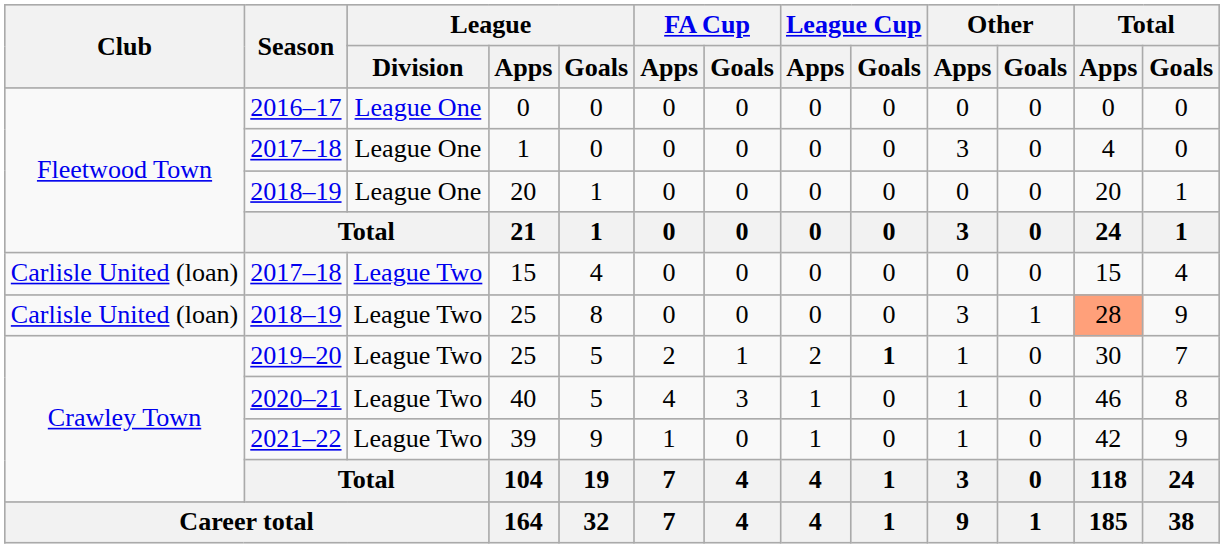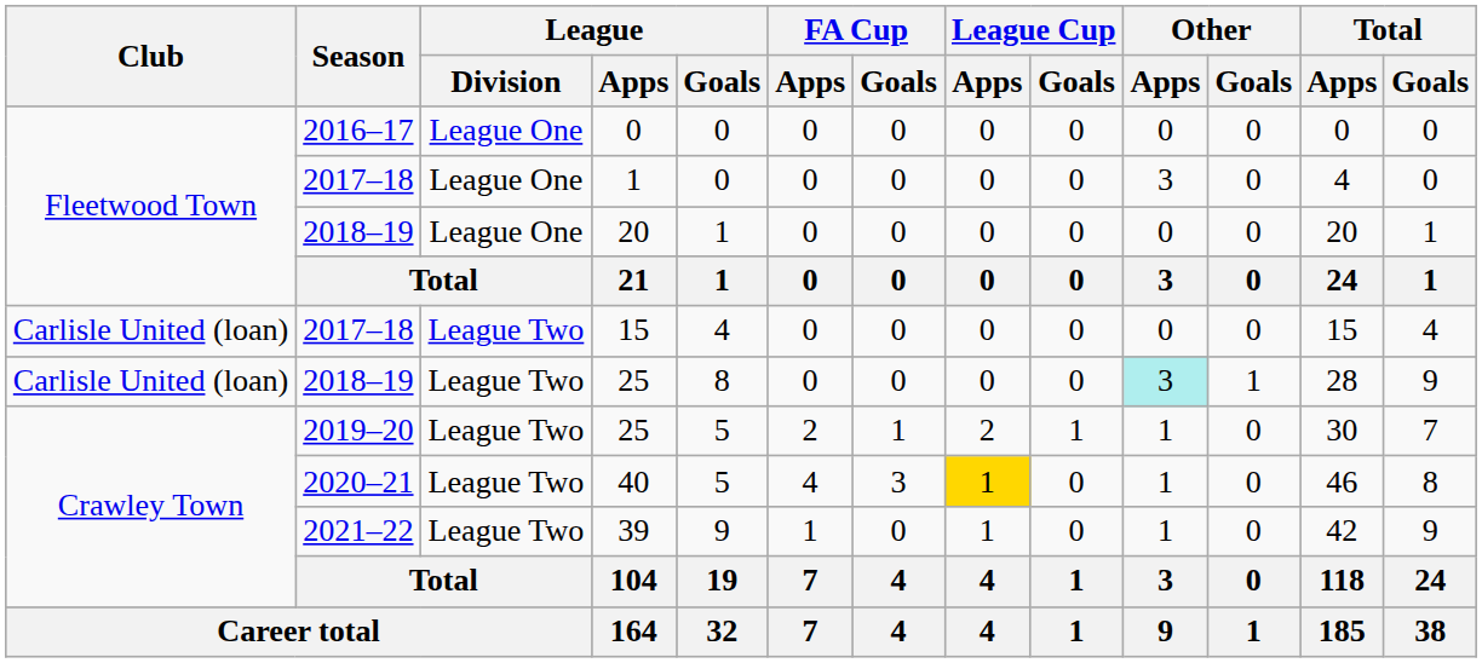 <table class=wikitable style="text-align: center">
 <tr>
 <th rowspan=2>Club</th>
 <th rowspan=2>Season</th>
 <th colspan=3>League</th>
 <th colspan=2><a href='#'>FA Cup</a></th>
 <th colspan=2><a href='#'>League Cup</a></th>
 <th colspan=2>Other</th>
 <th colspan=3>Total</th>
 </tr>
 <tr>
 <th>Division</th>
 <th>Apps</th>
 <th>Goals</th>
 <th>Apps</th>
 <th>Goals</th>
 <th>Apps</th>
 <th>Goals</th>
 <th>Apps</th>
 <th>Goals</th>
 <th>Apps</th>
 <th>Goals</th>
 </tr>
 <tr>
 <td rowspan="4"><a href='#'>Fleetwood Town</a></td>
 <td><a href='#'>2016–17</a></td>
 <td><a href='#'>League One</a></td>
 <td>0</td>
 <td>0</td>
 <td>0</td>
 <td>0</td>
 <td>0</td>
 <td>0</td>
 <td>0</td>
 <td>0</td>
 <td>0</td>
 <td>0</td>
 </tr>
 <tr>
 <td><a href='#'>2017–18</a></td>
 <td>League One</td>
 <td>1</td>
 <td>0</td>
 <td>0</td>
 <td>0</td>
 <td>0</td>
 <td>0</td>
 <td>3</td>
 <td>0</td>
 <td>4</td>
 <td>0</td>
 </tr>
 <tr>
 <td><a href='#'>2018–19</a></td>
 <td>League One</td>
 <td>20</td>
 <td>1</td>
 <td>0</td>
 <td>0</td>
 <td>0</td>
 <td>0</td>
 <td>0</td>
 <td>0</td>
 <td>20</td>
 <td>1</td>
 </tr>
 <tr>
 <th colspan="2">Total</th>
 <th>21</th>
 <th>1</th>
 <th>0</th>
 <th>0</th>
 <th>0</th>
 <th>0</th>
 <th>3</th>
 <th>0</th>
 <th>24</th>
 <th>1</th>
 </tr>
 <tr>
 <td><a href='#'>Carlisle United</a> (loan)</td>
 <td><a href='#'>2017–18</a></td>
 <td><a href='#'>League Two</a></td>
 <td>15</td>
 <td>4</td>
 <td>0</td>
 <td>0</td>
 <td>0</td>
 <td>0</td>
 <td>0</td>
 <td>0</td>
 <td>15</td>
 <td>4</td>
 </tr>
 <tr>
 <td><a href='#'>Carlisle United</a> (loan)</td>
 <td><a href='#'>2018–19</a></td>
 <td>League Two</td>
 <td>25</td>
 <td>8</td>
 <td>0</td>
 <td>0</td>
 <td>0</td>
 <td>0</td>
-<td>3</td>
+<td style="background: paleturquoise;">3</td>
 <td>1</td>
-<td style="background: lightsalmon;">28</td>
+<td>28</td>
 <td>9</td>
 </tr>
 <tr>
 <td rowspan="4"><a href='#'>Crawley Town</a></td>
 <td><a href='#'>2019–20</a></td>
 <td>League Two</td>
 <td>25</td>
 <td>5</td>
 <td>2</td>
 <td>1</td>
 <td>2</td>
-<td><strong>1</strong></td>
+<td>1</td>
 <td>1</td>
 <td>0</td>
 <td>30</td>
 <td>7</td>
 </tr>
 <tr>
 <td><a href='#'>2020–21</a></td>
 <td>League Two</td>
 <td>40</td>
 <td>5</td>
 <td>4</td>
 <td>3</td>
-<td>1</td>
+<td style="background: gold;">1</td>
 <td>0</td>
 <td>1</td>
 <td>0</td>
 <td>46</td>
 <td>8</td>
 </tr>
 <tr>
 <td><a href='#'>2021–22</a></td>
 <td>League Two</td>
 <td>39</td>
 <td>9</td>
 <td>1</td>
 <td>0</td>
 <td>1</td>
 <td>0</td>
 <td>1</td>
 <td>0</td>
 <td>42</td>
 <td>9</td>
 </tr>
 <tr>
 <th colspan="2">Total</th>
 <th>104</th>
 <th>19</th>
 <th>7</th>
 <th>4</th>
 <th>4</th>
 <th>1</th>
 <th>3</th>
 <th>0</th>
 <th>118</th>
 <th>24</th>
 </tr>
 <tr>
 <th colspan=3>Career total</th>
 <th>164</th>
 <th>32</th>
 <th>7</th>
 <th>4</th>
 <th>4</th>
 <th>1</th>
 <th>9</th>
 <th>1</th>
 <th>185</th>
 <th>38</th>
 </tr>
 </table>
